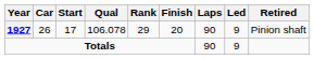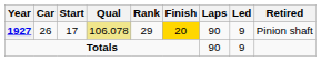 <table class="wikitable" style="text-align:center">
 <tr>
 <th>Year</th>
 <th>Car</th>
 <th>Start</th>
 <th>Qual</th>
 <th>Rank</th>
 <th>Finish</th>
 <th>Laps</th>
 <th>Led</th>
 <th>Retired</th>
 </tr>
 <tr>
 <th><a href='#'>1927</a></th>
 <td>26</td>
 <td>17</td>
-<td>106.078</td>
+<td style="background: khaki;">106.078</td>
 <td>29</td>
-<td>20</td>
+<td style="background: gold;">20</td>
 <td>90</td>
 <td>9</td>
 <td>Pinion shaft</td>
 </tr>
 <tr>
 <td colspan=6><strong>Totals</strong></td>
 <td>90</td>
 <td>9</td>
 <td></td>
 </tr>
 </table>
